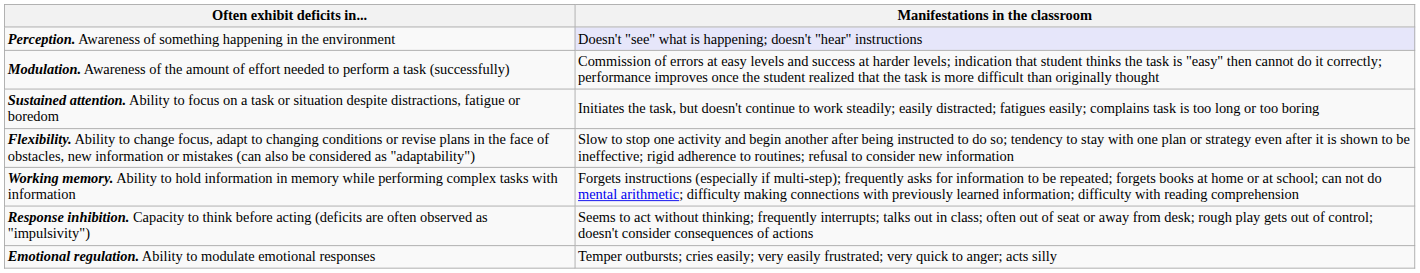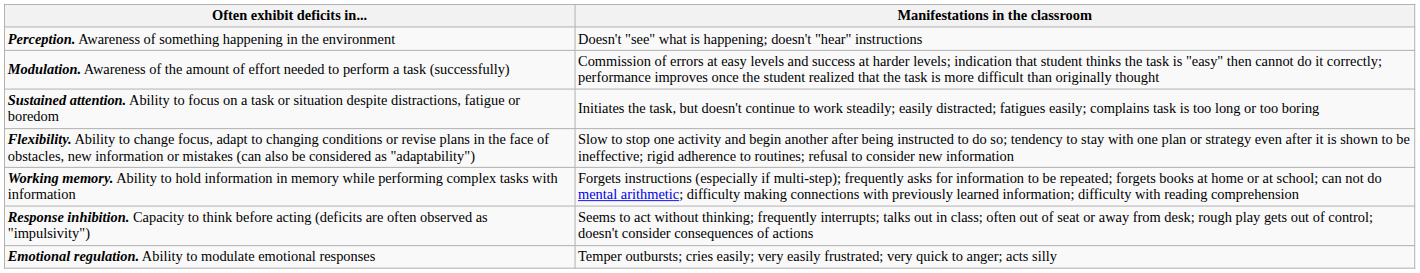 <table class="wikitable" border="1">
 <tr>
 <th><strong>Often exhibit deficits in...</strong></th>
 <th><strong>Manifestations in the classroom</strong></th>
 </tr>
 <tr>
 <td><strong><em>Perception.</em></strong> Awareness of something happening in the environment</td>
-<td style="background: lavender;">Doesn't "see" what is happening; doesn't "hear" instructions</td>
+<td>Doesn't "see" what is happening; doesn't "hear" instructions</td>
 </tr>
 <tr>
 <td><strong><em>Modulation.</em></strong> Awareness of the amount of effort needed to perform a task (successfully)</td>
 <td>Commission of errors at easy levels and success at harder levels; indication that student thinks the task is "easy" then cannot do it correctly; performance improves once the student realized that the task is more difficult than originally thought</td>
 </tr>
 <tr>
 <td><strong><em>Sustained attention.</em></strong> Ability to focus on a task or situation despite distractions, fatigue or boredom</td>
 <td>Initiates the task, but doesn't continue to work steadily; easily distracted; fatigues easily; complains task is too long or too boring</td>
 </tr>
 <tr>
 <td><strong><em>Flexibility.</em></strong> Ability to change focus, adapt to changing conditions or revise plans in the face of obstacles, new information or mistakes (can also be considered as "adaptability")</td>
 <td>Slow to stop one activity and begin another after being instructed to do so; tendency to stay with one plan or strategy even after it is shown to be ineffective; rigid adherence to routines; refusal to consider new information</td>
 </tr>
 <tr>
 <td><strong><em>Working memory.</em></strong> Ability to hold information in memory while performing complex tasks with information</td>
 <td>Forgets instructions (especially if multi-step); frequently asks for information to be repeated; forgets books at home or at school; can not do <a href='#'>mental arithmetic</a>; difficulty making connections with previously learned information; difficulty with reading comprehension</td>
 </tr>
 <tr>
 <td><strong><em>Response inhibition.</em></strong> Capacity to think before acting (deficits are often observed as "impulsivity")</td>
 <td>Seems to act without thinking; frequently interrupts; talks out in class; often out of seat or away from desk; rough play gets out of control; doesn't consider consequences of actions</td>
 </tr>
 <tr>
 <td><strong><em>Emotional regulation.</em></strong> Ability to modulate emotional responses</td>
 <td>Temper outbursts; cries easily; very easily frustrated; very quick to anger; acts silly</td>
 </tr>
 </table>
